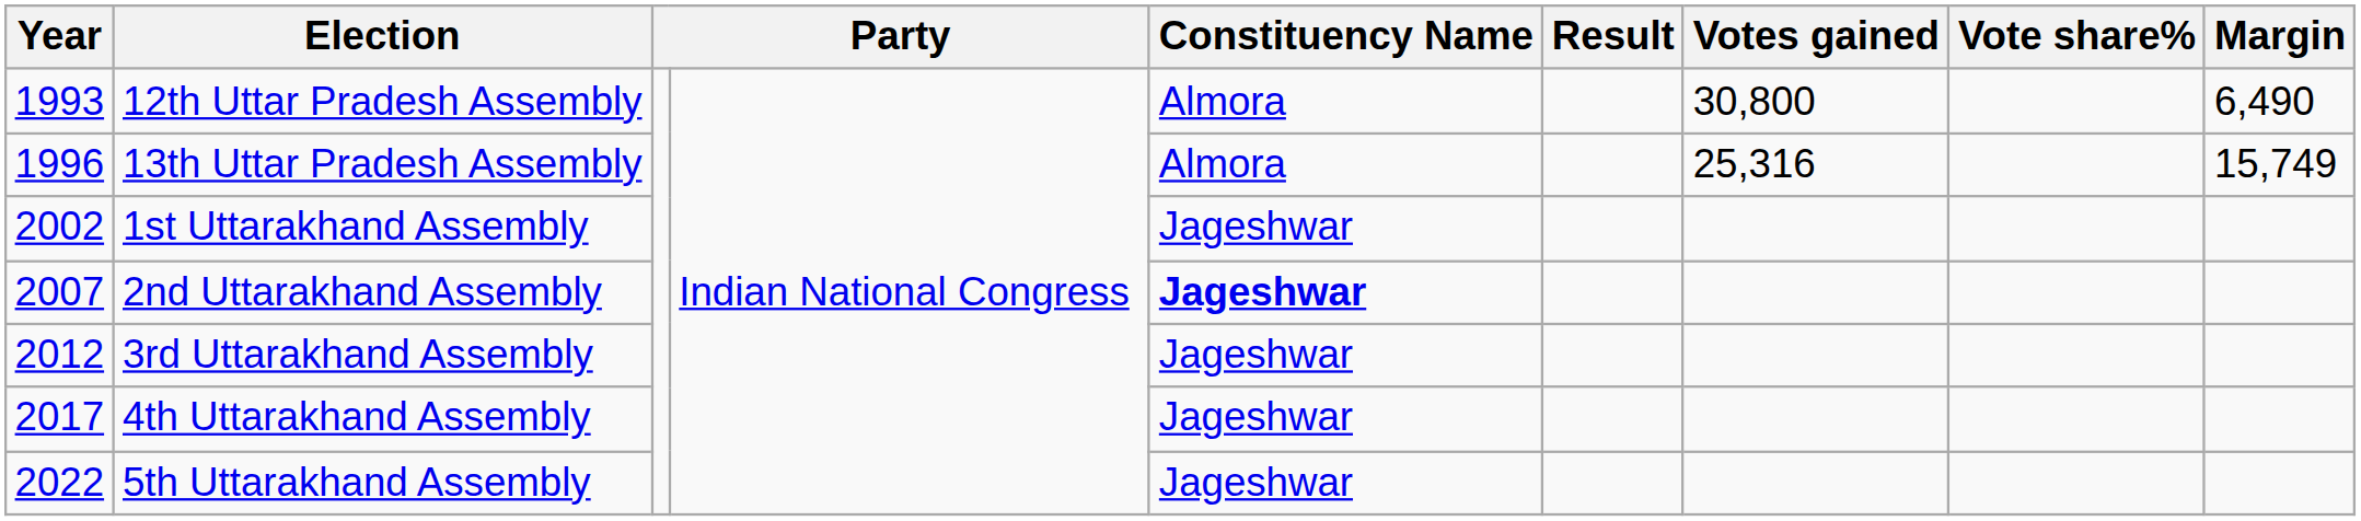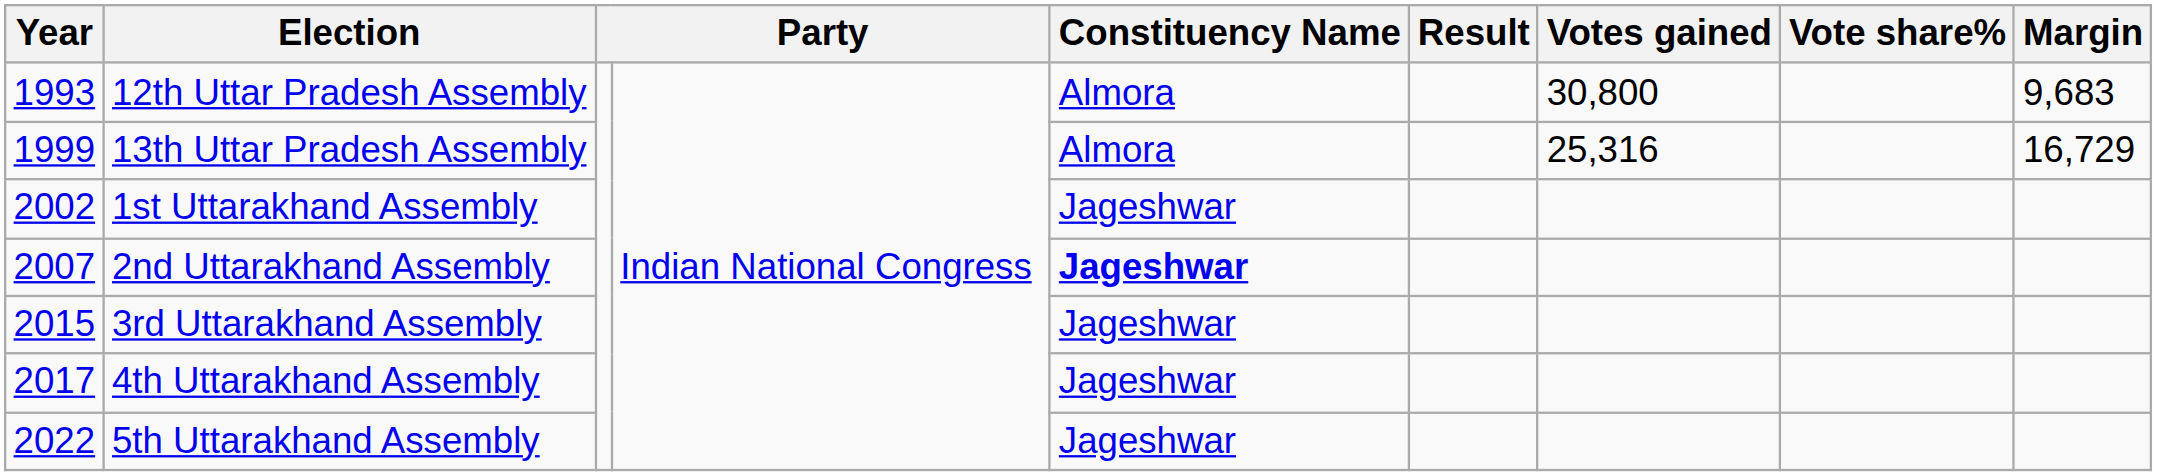 <table class="wikitable">
 <tr>
 <th>Year</th>
 <th>Election</th>
 <th colspan="2">Party</th>
 <th>Constituency Name</th>
 <th>Result</th>
 <th>Votes gained</th>
 <th>Vote share%</th>
 <th>Margin</th>
 </tr>
 <tr>
 <td><a href='#'>1993</a></td>
 <td><a href='#'>12th Uttar Pradesh Assembly</a></td>
 <td rowspan="7" style="background-color: "></td>
 <td rowspan="7"><a href='#'>Indian National Congress</a> </td>
 <td><a href='#'>Almora</a></td>
 <td></td>
 <td>30,800</td>
 <td></td>
-<td>6,490</td>
+<td>9,683</td>
 </tr>
 <tr>
-<td><a href='#'>1996</a></td>
+<td><a href='#'>1999</a></td>
 <td><a href='#'>13th Uttar Pradesh Assembly</a></td>
 <td><a href='#'>Almora</a></td>
 <td></td>
 <td>25,316</td>
 <td></td>
-<td>15,749</td>
+<td>16,729</td>
 </tr>
 <tr>
 <td><a href='#'>2002</a></td>
 <td><a href='#'>1st Uttarakhand Assembly</a></td>
 <td><a href='#'>Jageshwar</a></td>
 <td></td>
 <td></td>
 <td></td>
 <td></td>
 </tr>
 <tr>
 <td><a href='#'>2007</a></td>
 <td><a href='#'>2nd Uttarakhand Assembly</a></td>
 <td><strong><a href='#'>Jageshwar</a></strong></td>
 <td></td>
 <td></td>
 <td></td>
 <td></td>
 </tr>
 <tr>
-<td><a href='#'>2012</a></td>
+<td><a href='#'>2015</a></td>
 <td><a href='#'>3rd Uttarakhand Assembly</a></td>
 <td><a href='#'>Jageshwar</a></td>
 <td></td>
 <td></td>
 <td></td>
 <td></td>
 </tr>
 <tr>
 <td><a href='#'>2017</a></td>
 <td><a href='#'>4th Uttarakhand Assembly</a></td>
 <td><a href='#'>Jageshwar</a></td>
 <td></td>
 <td></td>
 <td></td>
 <td></td>
 </tr>
 <tr>
 <td><a href='#'>2022</a></td>
 <td><a href='#'>5th Uttarakhand Assembly</a></td>
 <td><a href='#'>Jageshwar</a></td>
 <td></td>
 <td></td>
 <td></td>
 <td></td>
 </tr>
 </table>
